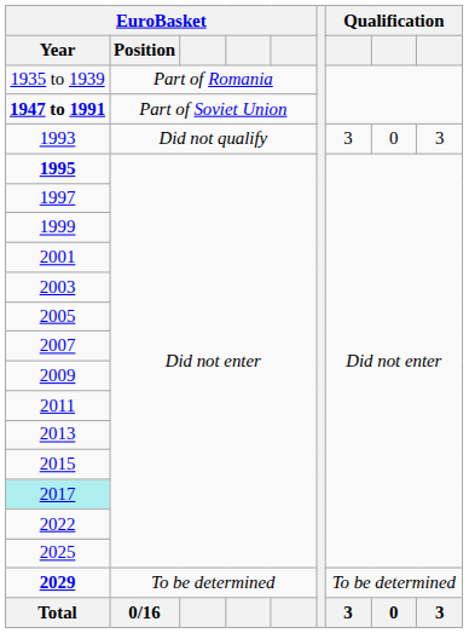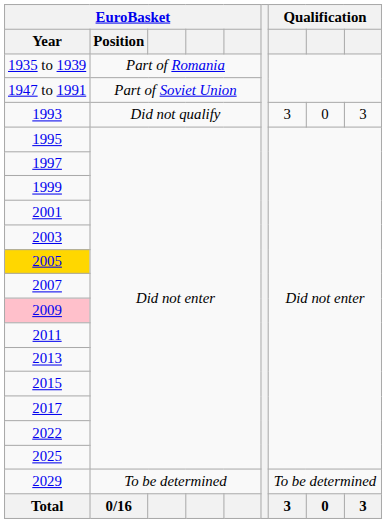 <table class="wikitable" style="text-align: center;font-size:90%;">
 <tr>
 <th colspan=5><a href='#'>EuroBasket</a></th>
 <th rowspan=21></th>
 <th colspan=3>Qualification</th>
 </tr>
 <tr>
 <th>Year</th>
 <th>Position</th>
 <th width=30></th>
 <th width=30></th>
 <th width=30></th>
 <th width=30></th>
 <th width=30></th>
 <th width=30></th>
 </tr>
 <tr>
 <td><a href='#'>1935</a> to <a href='#'>1939</a></td>
 <td colspan=4><em>Part of <a href='#'>Romania</a></em></td>
 </tr>
 <tr>
-<td><strong><a href='#'>1947</a> to <a href='#'>1991</a></strong></td>
+<td><a href='#'>1947</a> to <a href='#'>1991</a></td>
 <td colspan=4><em>Part of <a href='#'>Soviet Union</a></em></td>
 </tr>
 <tr>
 <td> <a href='#'>1993</a></td>
 <td colspan=4><em>Did not qualify</em></td>
 <td>3</td>
 <td>0</td>
 <td>3</td>
 </tr>
 <tr>
-<td><strong> <a href='#'>1995</a></strong></td>
+<td> <a href='#'>1995</a></td>
 <td colspan=4 rowspan=14><em>Did not enter</em></td>
 <td colspan=3 rowspan=14><em>Did not enter</em></td>
 </tr>
 <tr>
 <td> <a href='#'>1997</a></td>
 </tr>
 <tr>
 <td> <a href='#'>1999</a></td>
 </tr>
 <tr>
 <td> <a href='#'>2001</a></td>
 </tr>
 <tr>
 <td> <a href='#'>2003</a></td>
 </tr>
 <tr>
-<td> <a href='#'>2005</a></td>
+<td style="background: gold;"> <a href='#'>2005</a></td>
 </tr>
 <tr>
 <td> <a href='#'>2007</a></td>
 </tr>
 <tr>
-<td> <a href='#'>2009</a></td>
+<td style="background: pink;"> <a href='#'>2009</a></td>
 </tr>
 <tr>
 <td> <a href='#'>2011</a></td>
 </tr>
 <tr>
 <td> <a href='#'>2013</a></td>
 </tr>
 <tr>
 <td> <a href='#'>2015</a></td>
 </tr>
 <tr>
-<td style="background: paleturquoise;"> <a href='#'>2017</a></td>
+<td> <a href='#'>2017</a></td>
 </tr>
 <tr>
 <td> <a href='#'>2022</a></td>
 </tr>
 <tr>
 <td> <a href='#'>2025</a></td>
 </tr>
 <tr>
-<td><strong> <a href='#'>2029</a></strong></td>
+<td> <a href='#'>2029</a></td>
 <td colspan=4><em>To be determined</em></td>
 <td colspan=3><em>To be determined</em></td>
 </tr>
 <tr>
 <th>Total</th>
 <th>0/16</th>
 <th></th>
 <th></th>
 <th></th>
 <th>3</th>
 <th>0</th>
 <th>3</th>
 </tr>
 </table>
